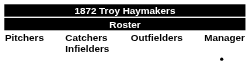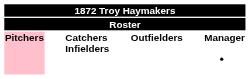 <table class="toccolours" style="font-size: 95%;">
 <tr>
 <th colspan="10" style="background-color: black; color:white; text-align: center;">1872 Troy Haymakers</th>
 </tr>
 <tr>
 <td colspan="10" style="background-color:black; color: white; text-align: center;"><strong>Roster</strong></td>
 </tr>
 <tr>
-<td valign="top"><strong>Pitchers</strong><br></td>
+<td valign="top" style="background: pink;"><strong>Pitchers</strong><br></td>
 <td width="25px"></td>
 <td valign="top"><strong>Catchers</strong><br> <strong>Infielders</strong>     </td>
 <td width="25px"></td>
 <td valign="top"><strong>Outfielders</strong><br>    </td>
 <td width="25px"></td>
 <td valign="top"><strong>Manager</strong><br><ul><li></li></ul></td>
 </tr>
 </table>
